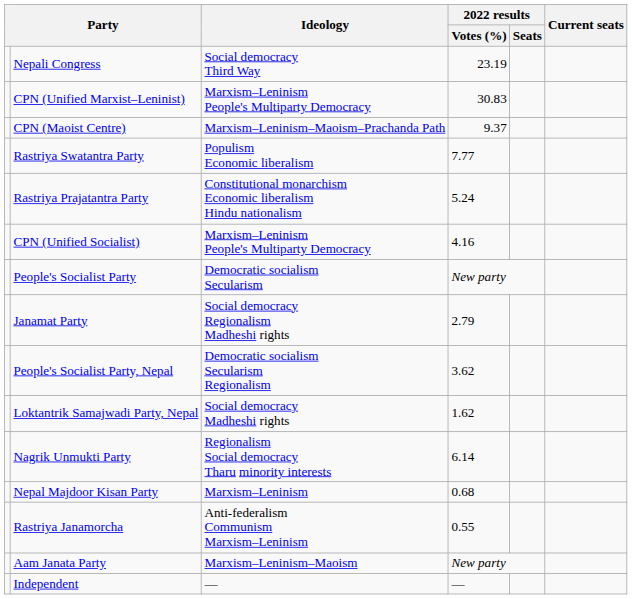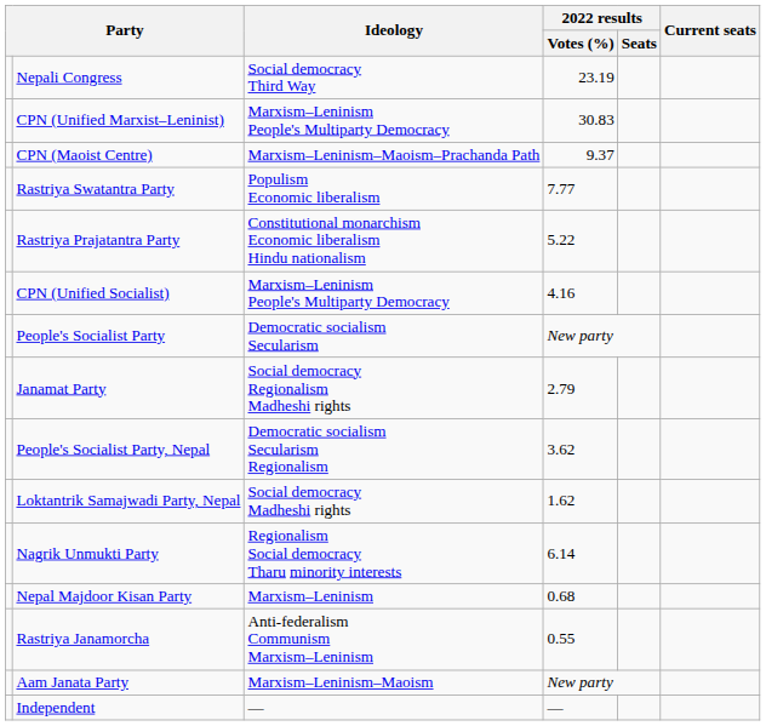 <table class="wikitable">
 <tr>
 <th colspan="2" rowspan="2">Party</th>
 <th rowspan="2">Ideology</th>
 <th colspan="2">2022 results</th>
 <th rowspan="2">Current seats</th>
 </tr>
 <tr>
 <th>Votes (%)</th>
 <th>Seats</th>
 </tr>
 <tr>
 <td></td>
 <td><a href='#'>Nepali Congress</a></td>
 <td><a href='#'>Social democracy</a><br><a href='#'>Third Way</a></td>
 <td align="right">23.19</td>
 <td></td>
 <td></td>
 </tr>
 <tr>
 <td></td>
 <td><a href='#'>CPN (Unified Marxist–Leninist)</a></td>
 <td><a href='#'>Marxism–Leninism</a><br><a href='#'>People's Multiparty Democracy</a></td>
 <td align="right">30.83</td>
 <td></td>
 <td></td>
 </tr>
 <tr>
 <td></td>
 <td><a href='#'>CPN (Maoist Centre)</a></td>
 <td><a href='#'>Marxism–Leninism–Maoism–Prachanda Path</a></td>
 <td align="right">9.37</td>
 <td></td>
 <td></td>
 </tr>
 <tr>
 <td></td>
 <td><a href='#'>Rastriya Swatantra Party</a></td>
 <td><a href='#'>Populism</a><br><a href='#'>Economic liberalism</a></td>
 <td>7.77</td>
 <td></td>
 <td></td>
 </tr>
 <tr>
 <td></td>
 <td><a href='#'>Rastriya Prajatantra Party</a></td>
 <td><a href='#'>Constitutional monarchism</a><br><a href='#'>Economic liberalism</a><br><a href='#'>Hindu nationalism</a></td>
-<td>5.24</td>
+<td>5.22</td>
 <td></td>
 <td></td>
 </tr>
 <tr>
 <td></td>
 <td><a href='#'>CPN (Unified Socialist)</a></td>
 <td><a href='#'>Marxism–Leninism</a><br><a href='#'>People's Multiparty Democracy</a></td>
 <td>4.16</td>
 <td></td>
 <td></td>
 </tr>
 <tr>
 <td></td>
 <td><a href='#'>People's Socialist Party</a></td>
 <td><a href='#'>Democratic socialism</a><br><a href='#'>Secularism</a></td>
 <td colspan="2"><em>New party</em></td>
 <td></td>
 </tr>
 <tr>
 <td></td>
 <td><a href='#'>Janamat Party</a></td>
 <td><a href='#'>Social democracy</a><br><a href='#'>Regionalism</a><br><a href='#'>Madheshi</a> rights</td>
 <td>2.79</td>
 <td></td>
 <td></td>
 </tr>
 <tr>
 <td></td>
 <td><a href='#'>People's Socialist Party, Nepal</a></td>
 <td><a href='#'>Democratic socialism</a><br><a href='#'>Secularism</a><br><a href='#'>Regionalism</a></td>
 <td>3.62</td>
 <td></td>
 <td></td>
 </tr>
 <tr>
 <td></td>
 <td><a href='#'>Loktantrik Samajwadi Party, Nepal</a></td>
 <td><a href='#'>Social democracy</a><br><a href='#'>Madheshi</a> rights</td>
 <td>1.62</td>
 <td></td>
 <td></td>
 </tr>
 <tr>
 <td></td>
 <td><a href='#'>Nagrik Unmukti Party</a></td>
 <td><a href='#'>Regionalism</a><br><a href='#'>Social democracy</a><br><a href='#'>Tharu</a> <a href='#'>minority interests</a></td>
 <td>6.14</td>
 <td></td>
 <td></td>
 </tr>
 <tr>
 <td></td>
 <td><a href='#'>Nepal Majdoor Kisan Party</a></td>
 <td><a href='#'>Marxism–Leninism</a></td>
 <td>0.68</td>
 <td></td>
 <td></td>
 </tr>
 <tr>
 <td></td>
 <td><a href='#'>Rastriya Janamorcha</a></td>
 <td>Anti-federalism<br><a href='#'>Communism</a><br><a href='#'>Marxism–Leninism</a></td>
 <td>0.55</td>
 <td></td>
 <td></td>
 </tr>
 <tr>
 <td></td>
 <td><a href='#'>Aam Janata Party</a></td>
 <td><a href='#'>Marxism–Leninism–Maoism</a></td>
 <td colspan="2"><em>New party</em></td>
 <td></td>
 </tr>
 <tr>
 <td></td>
 <td><a href='#'>Independent</a></td>
 <td>—</td>
 <td>—</td>
 <td></td>
 <td></td>
 </tr>
 </table>
